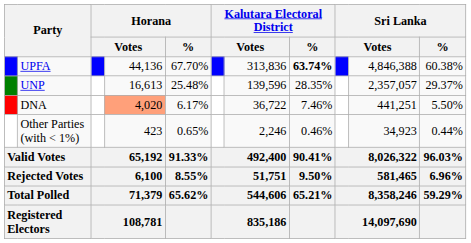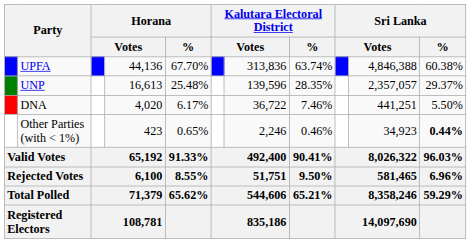 <table class="wikitable">
 <tr>
 <th colspan="2" width="144px"rowspan="2">Party</th>
 <th colspan="3" width="216px">Horana</th>
 <th colspan="3" width="216px"><a href='#'>Kalutara Electoral District</a></th>
 <th colspan="3" width="216px">Sri Lanka</th>
 </tr>
 <tr>
 <th colspan="2" width="144px">Votes</th>
 <th>%</th>
 <th colspan="2" width="144px">Votes</th>
 <th>%</th>
 <th colspan="2" width="144px">Votes</th>
 <th>%</th>
 </tr>
 <tr>
 <td style="background-color:blue;" width="10px"></td>
 <td style="text-align:left;"><a href='#'>UPFA</a></td>
 <td style="background-color:blue;" width="10px"></td>
 <td style="text-align:right;">44,136</td>
 <td style="text-align:right;">67.70%</td>
 <td style="background-color:blue;" width="10px"></td>
 <td style="text-align:right;">313,836</td>
-<td style="text-align:right;"><strong>63.74%</strong></td>
+<td style="text-align:right;">63.74%</td>
 <td style="background-color:blue;" width="10px"></td>
 <td style="text-align:right;">4,846,388</td>
 <td style="text-align:right;">60.38%</td>
 </tr>
 <tr>
 <td style="background-color:green;" width="10px"></td>
 <td style="text-align:left;"><a href='#'>UNP</a></td>
 <td style="background-color:white;" width="10px"></td>
 <td style="text-align:right;">16,613</td>
 <td style="text-align:right;">25.48%</td>
 <td style="background-color:white;" width="10px"></td>
 <td style="text-align:right;">139,596</td>
 <td style="text-align:right;">28.35%</td>
 <td style="background-color:white;" width="10px"></td>
 <td style="text-align:right;">2,357,057</td>
 <td style="text-align:right;">29.37%</td>
 </tr>
 <tr>
 <td style="background-color:red;" width="10px"></td>
 <td style="text-align:left;">DNA</td>
 <td style="background-color:white;" width="10px"></td>
-<td style="background: lightsalmon; text-align:right;">4,020</td>
+<td style="text-align:right;">4,020</td>
 <td style="text-align:right;">6.17%</td>
 <td style="background-color:white;" width="10px"></td>
 <td style="text-align:right;">36,722</td>
 <td style="text-align:right;">7.46%</td>
 <td style="background-color:white;" width="10px"></td>
 <td style="text-align:right;">441,251</td>
 <td style="text-align:right;">5.50%</td>
 </tr>
 <tr>
 <td style="background-color:white;" width="10px"></td>
 <td style="text-align:left;">Other Parties (with < 1%)</td>
 <td style="background-color:white;" width="10px"></td>
 <td style="text-align:right;">423</td>
 <td style="text-align:right;">0.65%</td>
 <td style="background-color:white;" width="10px"></td>
 <td style="text-align:right;">2,246</td>
 <td style="text-align:right;">0.46%</td>
 <td style="background-color:white;" width="10px"></td>
 <td style="text-align:right;">34,923</td>
-<td style="text-align:right;">0.44%</td>
+<td style="text-align:right;"><strong>0.44%</strong></td>
 </tr>
 <tr>
 <th colspan="2" width="144px"style="text-align:left;">Valid Votes</th>
 <th style="text-align:right;"colspan="2" width="144px">65,192</th>
 <th style="text-align:right;">91.33%</th>
 <th style="text-align:right;"colspan="2" width="144px">492,400</th>
 <th style="text-align:right;">90.41%</th>
 <th style="text-align:right;"colspan="2" width="144px">8,026,322</th>
 <th style="text-align:right;">96.03%</th>
 </tr>
 <tr>
 <th colspan="2" width="144px"style="text-align:left;">Rejected Votes</th>
 <th style="text-align:right;"colspan="2" width="144px">6,100</th>
 <th style="text-align:right;">8.55%</th>
 <th style="text-align:right;"colspan="2" width="144px">51,751</th>
 <th style="text-align:right;">9.50%</th>
 <th style="text-align:right;"colspan="2" width="144px">581,465</th>
 <th style="text-align:right;">6.96%</th>
 </tr>
 <tr>
 <th colspan="2" width="144px"style="text-align:left;">Total Polled</th>
 <th style="text-align:right;"colspan="2" width="144px">71,379</th>
 <th style="text-align:right;">65.62%</th>
 <th style="text-align:right;"colspan="2" width="144px">544,606</th>
 <th style="text-align:right;">65.21%</th>
 <th style="text-align:right;"colspan="2" width="144px">8,358,246</th>
 <th style="text-align:right;">59.29%</th>
 </tr>
 <tr>
 <th colspan="2" width="144px"style="text-align:left;">Registered Electors</th>
 <th style="text-align:right;"colspan="2" width="144px">108,781</th>
 <th></th>
 <th style="text-align:right;"colspan="2" width="144px">835,186</th>
 <th></th>
 <th style="text-align:right;"colspan="2" width="144px">14,097,690</th>
 <th></th>
 </tr>
 </table>
